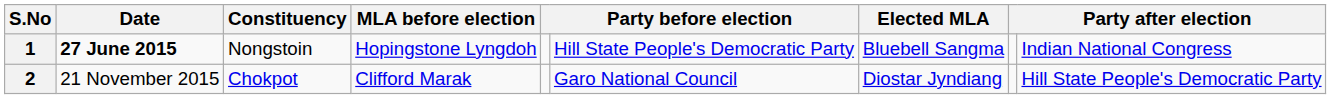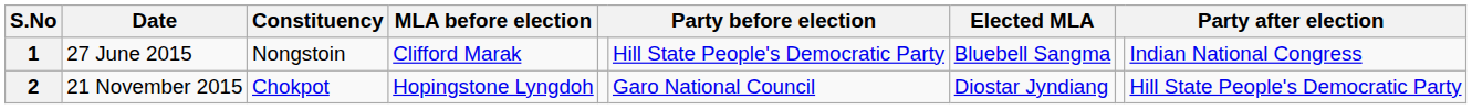 <table class="wikitable sortable">
 <tr>
 <th>S.No</th>
 <th>Date</th>
 <th>Constituency</th>
 <th>MLA before election</th>
 <th colspan="2">Party before election</th>
 <th>Elected MLA</th>
 <th colspan="2">Party after election</th>
 </tr>
 <tr>
 <th>1</th>
-<td><strong>27 June 2015</strong></td>
+<td>27 June 2015</td>
 <td>Nongstoin</td>
-<td><a href='#'>Hopingstone Lyngdoh</a></td>
+<td><a href='#'>Clifford Marak</a></td>
 <td></td>
 <td><a href='#'>Hill State People's Democratic Party</a></td>
 <td><a href='#'>Bluebell Sangma</a></td>
 <td></td>
 <td><a href='#'>Indian National Congress</a></td>
 </tr>
 <tr>
 <th>2</th>
 <td>21 November 2015</td>
 <td><a href='#'>Chokpot</a></td>
-<td><a href='#'>Clifford Marak</a></td>
+<td><a href='#'>Hopingstone Lyngdoh</a></td>
 <td></td>
 <td><a href='#'>Garo National Council</a></td>
 <td><a href='#'>Diostar Jyndiang</a></td>
 <td></td>
 <td><a href='#'>Hill State People's Democratic Party</a></td>
 </tr>
 </table>
